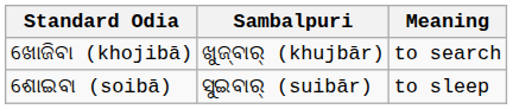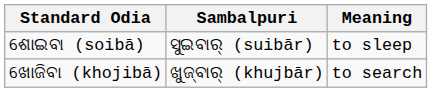 <table class="wikitable">
 <tr>
 <th>Standard Odia</th>
 <th>Sambalpuri</th>
 <th>Meaning</th>
 </tr>
 <tr>
+<td>ଶୋଇବା (soibā)</td>
+<td>ସୁଇବାର୍ (suibār)</td>
+<td>to sleep</td>
+</tr>
+<tr>
 <td>ଖୋଜିବା (khojibā)</td>
 <td>ଖୁଜ୍‌ବାର୍ (khujbār)</td>
 <td>to search</td>
 </tr>
-<tr>
-<td>ଶୋଇବା (soibā)</td>
-<td>ସୁଇବାର୍ (suibār)</td>
-<td>to sleep</td>
-</tr>
 </table>
